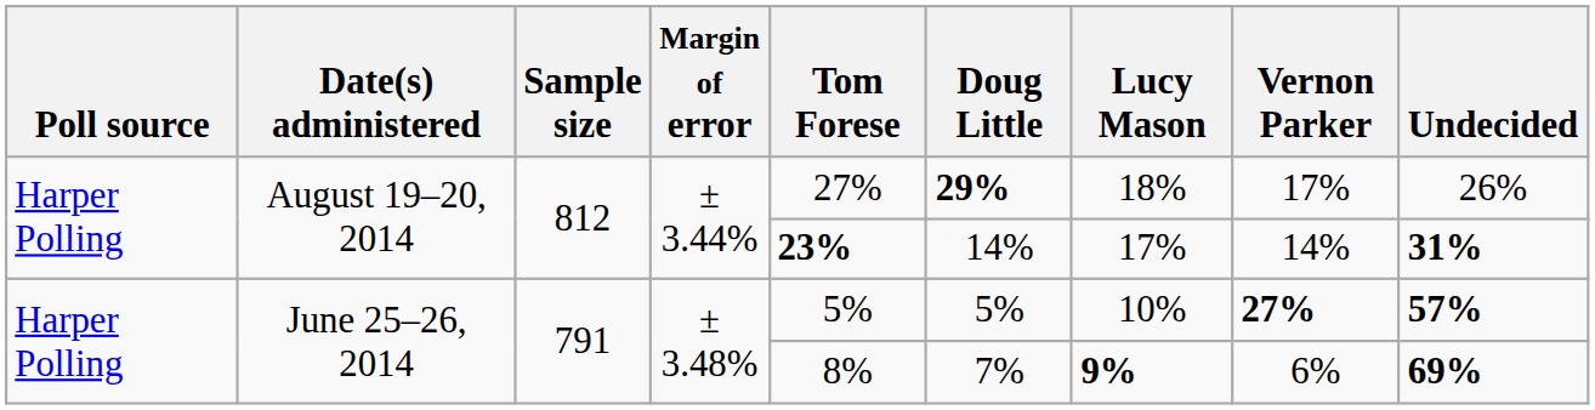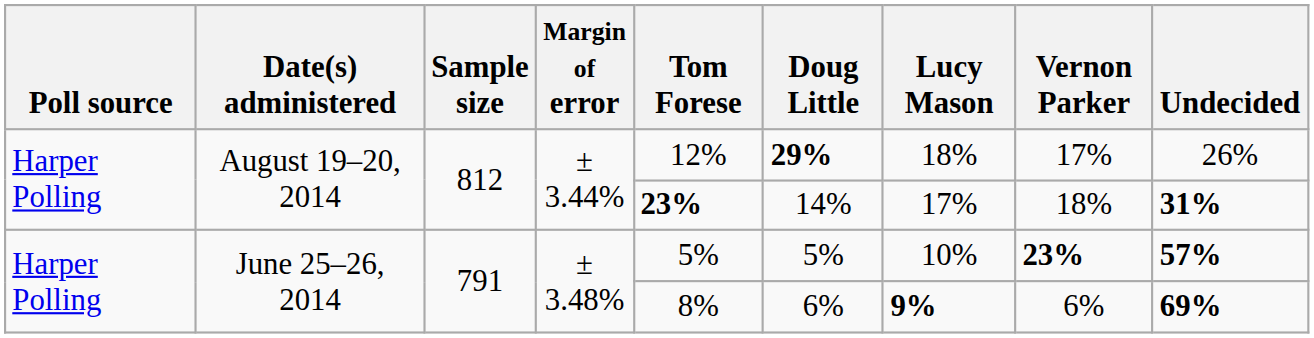 <table class="wikitable" style="font-size:90%">
 <tr valign= bottom>
 <th style="width:190px;">Poll source</th>
 <th style="width:150px;">Date(s)<br>administered</th>
 <th class=small>Sample<br>size</th>
 <th class=small><small>Margin of</small><br>error</th>
 <th style="width:90px;">Tom<br>Forese</th>
 <th style="width:90px;">Doug<br>Little</th>
 <th style="width:90px;">Lucy<br>Mason</th>
 <th style="width:90px;">Vernon<br>Parker</th>
 <th style="width:40px;">Undecided</th>
 </tr>
 <tr>
 <td rowspan=2><a href='#'>Harper Polling</a></td>
 <td align=center rowspan=2>August 19–20, 2014</td>
 <td align=center rowspan=2>812</td>
 <td align=center rowspan=2>± 3.44%</td>
-<td align=center>27%</td>
+<td align=center>12%</td>
 <td><strong>29%</strong></td>
 <td align=center>18%</td>
 <td align=center>17%</td>
 <td align=center>26%</td>
 </tr>
 <tr>
 <td><strong>23%</strong></td>
 <td align=center>14%</td>
 <td align=center>17%</td>
-<td align=center>14%</td>
+<td align=center>18%</td>
 <td><strong>31%</strong></td>
 </tr>
 <tr>
 <td rowspan=2><a href='#'>Harper Polling</a></td>
 <td align=center rowspan=2>June 25–26, 2014</td>
 <td align=center rowspan=2>791</td>
 <td align=center rowspan=2>± 3.48%</td>
 <td align=center>5%</td>
 <td align=center>5%</td>
 <td align=center>10%</td>
-<td><strong>27%</strong></td>
+<td><strong>23%</strong></td>
 <td><strong>57%</strong></td>
 </tr>
 <tr>
 <td align=center>8%</td>
-<td align=center>7%</td>
+<td align=center>6%</td>
 <td><strong>9%</strong></td>
 <td align=center>6%</td>
 <td><strong>69%</strong></td>
 </tr>
 </table>
